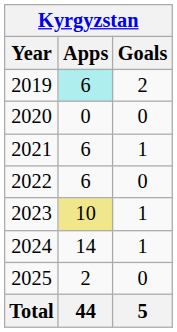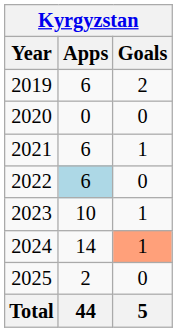 <table class="wikitable" style="text-align:center">
 <tr>
 <th colspan=3><a href='#'>Kyrgyzstan</a></th>
 </tr>
 <tr>
 <th>Year</th>
 <th>Apps</th>
 <th>Goals</th>
 </tr>
 <tr>
 <td>2019</td>
-<td style="background: paleturquoise;">6</td>
+<td>6</td>
 <td>2</td>
 </tr>
 <tr>
 <td>2020</td>
 <td>0</td>
 <td>0</td>
 </tr>
 <tr>
 <td>2021</td>
 <td>6</td>
 <td>1</td>
 </tr>
 <tr>
 <td>2022</td>
-<td>6</td>
+<td style="background: lightblue;">6</td>
 <td>0</td>
 </tr>
 <tr>
 <td>2023</td>
-<td style="background: khaki;">10</td>
+<td>10</td>
 <td>1</td>
 </tr>
 <tr>
 <td>2024</td>
 <td>14</td>
-<td>1</td>
+<td style="background: lightsalmon;">1</td>
 </tr>
 <tr>
 <td>2025</td>
 <td>2</td>
 <td>0</td>
 </tr>
 <tr>
 <th>Total</th>
 <th>44</th>
 <th>5</th>
 </tr>
 </table>
